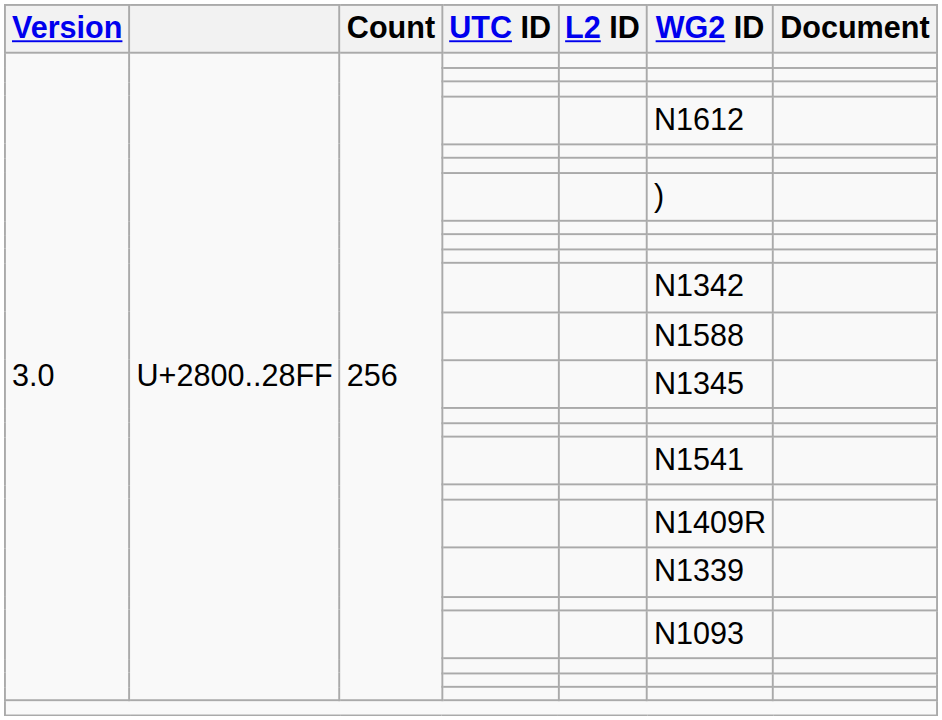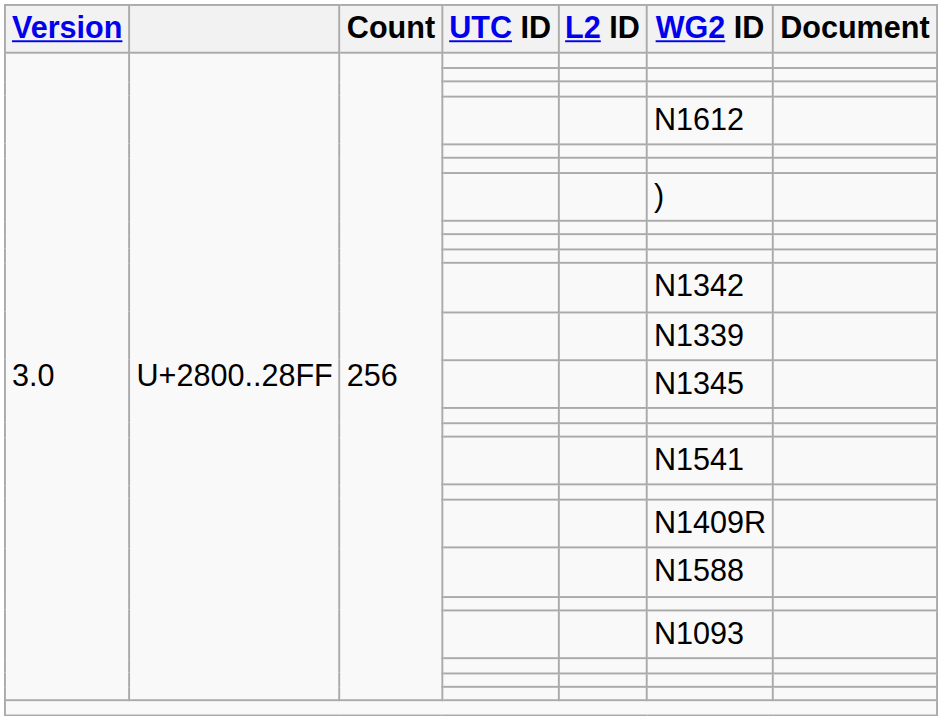 <table class="wikitable collapsible sticky-header">
 <tr>
 <th><a href='#'>Version</a></th>
 <th></th>
 <th>Count</th>
 <th><a href='#'>UTC</a> ID</th>
 <th><a href='#'>L2</a> ID</th>
 <th><a href='#'>WG2</a> ID</th>
 <th>Document</th>
 </tr>
 <tr>
 <td rowspan="24">3.0</td>
 <td rowspan="24">U+2800..28FF</td>
 <td rowspan="24">256</td>
 <td></td>
 <td></td>
 <td></td>
 <td></td>
 </tr>
 <tr>
 <td></td>
 <td></td>
 <td></td>
 <td></td>
 </tr>
 <tr>
 <td></td>
 <td></td>
 <td></td>
 <td></td>
 </tr>
 <tr>
 <td></td>
 <td></td>
 <td>N1612</td>
 <td></td>
 </tr>
 <tr>
 <td></td>
 <td></td>
 <td></td>
 <td></td>
 </tr>
 <tr>
 <td></td>
 <td></td>
 <td></td>
 <td></td>
 </tr>
 <tr>
 <td></td>
 <td></td>
 <td> )</td>
 <td></td>
 </tr>
 <tr>
 <td></td>
 <td></td>
 <td></td>
 <td></td>
 </tr>
 <tr>
 <td></td>
 <td></td>
 <td></td>
 <td></td>
 </tr>
 <tr>
 <td></td>
 <td></td>
 <td></td>
 <td></td>
 </tr>
 <tr>
 <td></td>
 <td></td>
 <td>N1342</td>
 <td></td>
 </tr>
 <tr>
 <td></td>
 <td></td>
-<td>N1588</td>
+<td>N1339</td>
 <td></td>
 </tr>
 <tr>
 <td></td>
 <td></td>
 <td>N1345</td>
 <td></td>
 </tr>
 <tr>
 <td></td>
 <td></td>
 <td></td>
 <td></td>
 </tr>
 <tr>
 <td></td>
 <td></td>
 <td></td>
 <td></td>
 </tr>
 <tr>
 <td></td>
 <td></td>
 <td>N1541</td>
 <td></td>
 </tr>
 <tr>
 <td></td>
 <td></td>
 <td></td>
 <td></td>
 </tr>
 <tr>
 <td></td>
 <td></td>
 <td>N1409R</td>
 <td></td>
 </tr>
 <tr>
 <td></td>
 <td></td>
-<td>N1339</td>
+<td>N1588</td>
 <td></td>
 </tr>
 <tr>
 <td></td>
 <td></td>
 <td></td>
 <td></td>
 </tr>
 <tr>
 <td></td>
 <td></td>
 <td>N1093</td>
 <td></td>
 </tr>
 <tr>
 <td></td>
 <td></td>
 <td></td>
 <td></td>
 </tr>
 <tr>
 <td></td>
 <td></td>
 <td></td>
 <td></td>
 </tr>
 <tr>
 <td></td>
 <td></td>
 <td></td>
 <td></td>
 </tr>
 <tr class="sortbottom">
 <td colspan="7"></td>
 </tr>
 </table>
